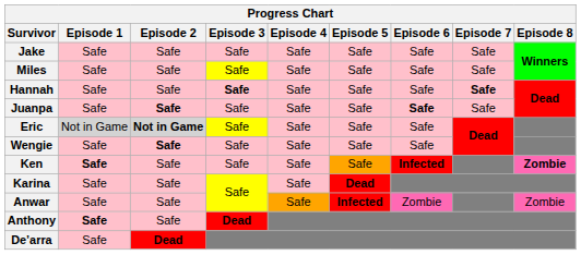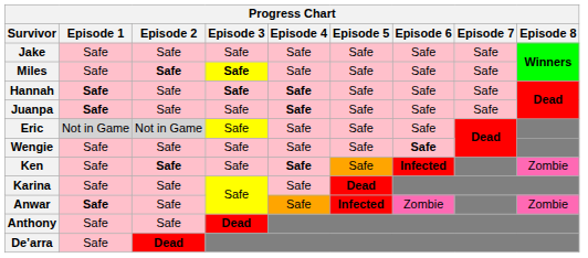 <table class="wikitable" style="text-align:center">
 <tr>
 <th colspan="10">Progress Chart</th>
 </tr>
 <tr>
 <th>Survivor</th>
 <th>Episode 1</th>
 <th>Episode 2</th>
 <th>Episode 3</th>
 <th>Episode 4</th>
 <th>Episode 5</th>
 <th>Episode 6</th>
 <th>Episode 7</th>
 <th>Episode 8</th>
 </tr>
 <tr>
 <th>Jake</th>
 <td bgcolor="pink">Safe</td>
 <td bgcolor="pink">Safe</td>
 <td bgcolor="pink">Safe</td>
 <td bgcolor="pink">Safe</td>
 <td bgcolor="pink">Safe</td>
 <td bgcolor="pink">Safe</td>
 <td bgcolor="pink">Safe</td>
 <td rowspan="2" bgcolor="lime"><strong>Winners</strong></td>
 </tr>
 <tr>
 <th>Miles</th>
 <td bgcolor="pink">Safe</td>
-<td bgcolor="pink">Safe</td>
-<td bgcolor="yellow">Safe</td>
+<td bgcolor="pink"><strong>Safe</strong></td>
+<td bgcolor="yellow"><strong>Safe</strong></td>
 <td bgcolor="pink">Safe</td>
 <td bgcolor="pink">Safe</td>
 <td bgcolor="pink">Safe</td>
 <td bgcolor="pink">Safe</td>
 </tr>
 <tr>
 <th>Hannah</th>
+<td bgcolor="pink"><strong>Safe</strong></td>
+<td bgcolor="pink">Safe</td>
+<td bgcolor="pink"><strong>Safe</strong></td>
+<td bgcolor="pink"><strong>Safe</strong></td>
+<td bgcolor="pink">Safe</td>
+<td bgcolor="pink">Safe</td>
+<td bgcolor="pink">Safe</td>
+<td rowspan="2" bgcolor="red"><strong>Dead</strong></td>
+</tr>
+<tr>
+<th>Juanpa</th>
+<td bgcolor="pink"><strong>Safe</strong></td>
 <td bgcolor="pink">Safe</td>
 <td bgcolor="pink">Safe</td>
 <td bgcolor="pink"><strong>Safe</strong></td>
 <td bgcolor="pink">Safe</td>
 <td bgcolor="pink">Safe</td>
 <td bgcolor="pink">Safe</td>
-<td bgcolor="pink"><strong>Safe</strong></td>
-<td rowspan="2" bgcolor="red"><strong>Dead</strong></td>
-</tr>
-<tr>
-<th>Juanpa</th>
-<td bgcolor="pink">Safe</td>
-<td bgcolor="pink"><strong>Safe</strong></td>
-<td bgcolor="pink">Safe</td>
-<td bgcolor="pink">Safe</td>
-<td bgcolor="pink">Safe</td>
-<td bgcolor="pink"><strong>Safe</strong></td>
-<td bgcolor="pink">Safe</td>
 </tr>
 <tr>
 <th>Eric</th>
 <td bgcolor="lightgrey">Not in Game</td>
-<td bgcolor="lightgrey"><strong>Not in Game</strong></td>
+<td bgcolor="lightgrey">Not in Game</td>
 <td bgcolor="yellow">Safe</td>
 <td bgcolor="pink">Safe</td>
 <td bgcolor="pink">Safe</td>
 <td bgcolor="pink">Safe</td>
 <td rowspan="2" bgcolor="red"><strong>Dead</strong></td>
 <td bgcolor="gray"></td>
 </tr>
 <tr>
 <th>Wengie</th>
 <td bgcolor="pink">Safe</td>
-<td bgcolor="pink"><strong>Safe</strong></td>
 <td bgcolor="pink">Safe</td>
 <td bgcolor="pink">Safe</td>
 <td bgcolor="pink">Safe</td>
 <td bgcolor="pink">Safe</td>
+<td bgcolor="pink"><strong>Safe</strong></td>
 <td bgcolor="gray"></td>
 </tr>
 <tr>
 <th>Ken</th>
+<td bgcolor="pink">Safe</td>
 <td bgcolor="pink"><strong>Safe</strong></td>
 <td bgcolor="pink">Safe</td>
-<td bgcolor="pink">Safe</td>
-<td bgcolor="pink">Safe</td>
+<td bgcolor="pink"><strong>Safe</strong></td>
 <td bgcolor="orange">Safe</td>
 <td bgcolor="red"><strong>Infected</strong></td>
 <td bgcolor="gray"></td>
-<td bgcolor="hotpink"><strong>Zombie</strong></td>
+<td bgcolor="hotpink">Zombie</td>
 </tr>
 <tr>
 <th>Karina</th>
 <td bgcolor="pink">Safe</td>
 <td bgcolor="pink">Safe</td>
 <td rowspan="2" bgcolor="yellow">Safe</td>
 <td bgcolor="pink">Safe</td>
 <td bgcolor="red"><strong>Dead</strong></td>
 <td colspan="3" bgcolor="grey"></td>
 </tr>
 <tr>
 <th>Anwar</th>
-<td bgcolor="pink">Safe</td>
+<td bgcolor="pink"><strong>Safe</strong></td>
 <td bgcolor="pink">Safe</td>
 <td bgcolor="orange">Safe</td>
 <td bgcolor="red"><strong>Infected</strong></td>
 <td bgcolor="hotpink">Zombie</td>
 <td bgcolor="grey"></td>
 <td bgcolor="hotpink">Zombie</td>
 </tr>
 <tr>
 <th>Anthony</th>
-<td bgcolor="pink"><strong>Safe</strong></td>
+<td bgcolor="pink">Safe</td>
 <td bgcolor="pink">Safe</td>
 <td bgcolor="red"><strong>Dead</strong></td>
 <td colspan="5" bgcolor="grey"></td>
 </tr>
 <tr>
 <th>De’arra</th>
 <td bgcolor="pink">Safe</td>
 <td bgcolor="red"><strong>Dead</strong></td>
 <td colspan="6" bgcolor="grey"></td>
 </tr>
 </table>
